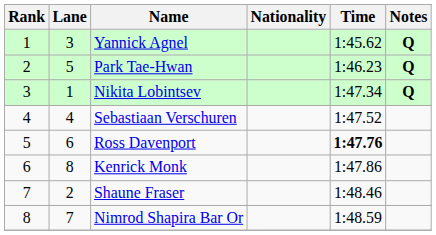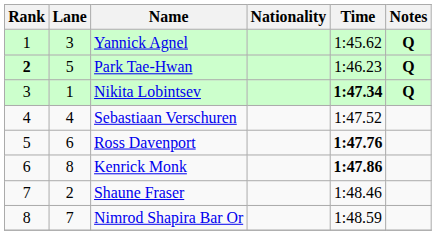 <table class="wikitable sortable" style="text-align:center">
 <tr>
 <th>Rank</th>
 <th>Lane</th>
 <th>Name</th>
 <th>Nationality</th>
 <th>Time</th>
 <th>Notes</th>
 </tr>
 <tr bgcolor=ccffcc>
 <td>1</td>
 <td>3</td>
 <td align=left><a href='#'>Yannick Agnel</a></td>
 <td align=left></td>
 <td>1:45.62</td>
 <td><strong>Q</strong></td>
 </tr>
 <tr bgcolor=ccffcc>
-<td>2</td>
+<td><strong>2</strong></td>
 <td>5</td>
 <td align=left><a href='#'>Park Tae-Hwan</a></td>
 <td align=left></td>
 <td>1:46.23</td>
 <td><strong>Q</strong></td>
 </tr>
 <tr bgcolor=ccffcc>
 <td>3</td>
 <td>1</td>
 <td align=left><a href='#'>Nikita Lobintsev</a></td>
 <td align=left></td>
-<td>1:47.34</td>
+<td><strong>1:47.34</strong></td>
 <td><strong>Q</strong></td>
 </tr>
 <tr>
 <td>4</td>
 <td>4</td>
 <td align=left><a href='#'>Sebastiaan Verschuren</a></td>
 <td align=left></td>
 <td>1:47.52</td>
 <td></td>
 </tr>
 <tr>
 <td>5</td>
 <td>6</td>
 <td align=left><a href='#'>Ross Davenport</a></td>
 <td align=left></td>
 <td><strong>1:47.76</strong></td>
 <td></td>
 </tr>
 <tr>
 <td>6</td>
 <td>8</td>
 <td align=left><a href='#'>Kenrick Monk</a></td>
 <td align=left></td>
-<td>1:47.86</td>
+<td><strong>1:47.86</strong></td>
 <td></td>
 </tr>
 <tr>
 <td>7</td>
 <td>2</td>
 <td align=left><a href='#'>Shaune Fraser</a></td>
 <td align=left></td>
 <td>1:48.46</td>
 <td></td>
 </tr>
 <tr>
 <td>8</td>
 <td>7</td>
 <td align=left><a href='#'>Nimrod Shapira Bar Or</a></td>
 <td align=left></td>
 <td>1:48.59</td>
 <td></td>
 </tr>
 <tr>
 </tr>
 </table>
